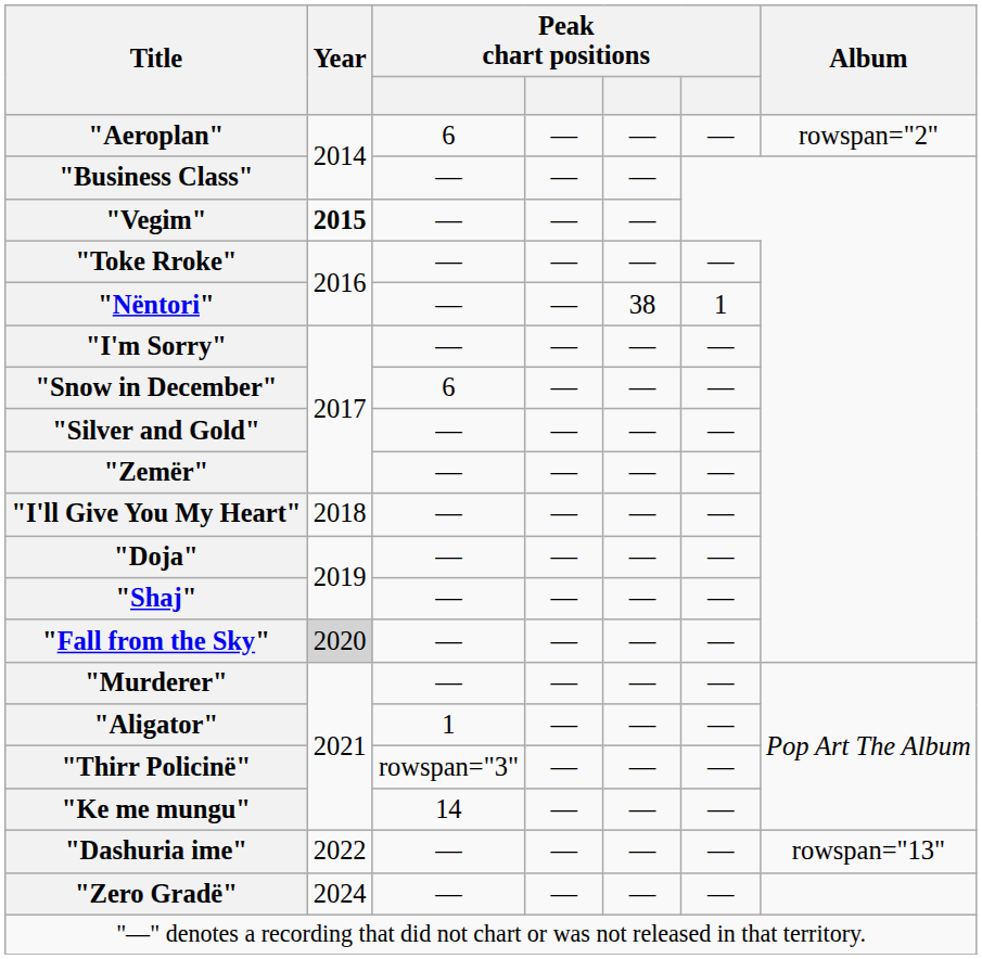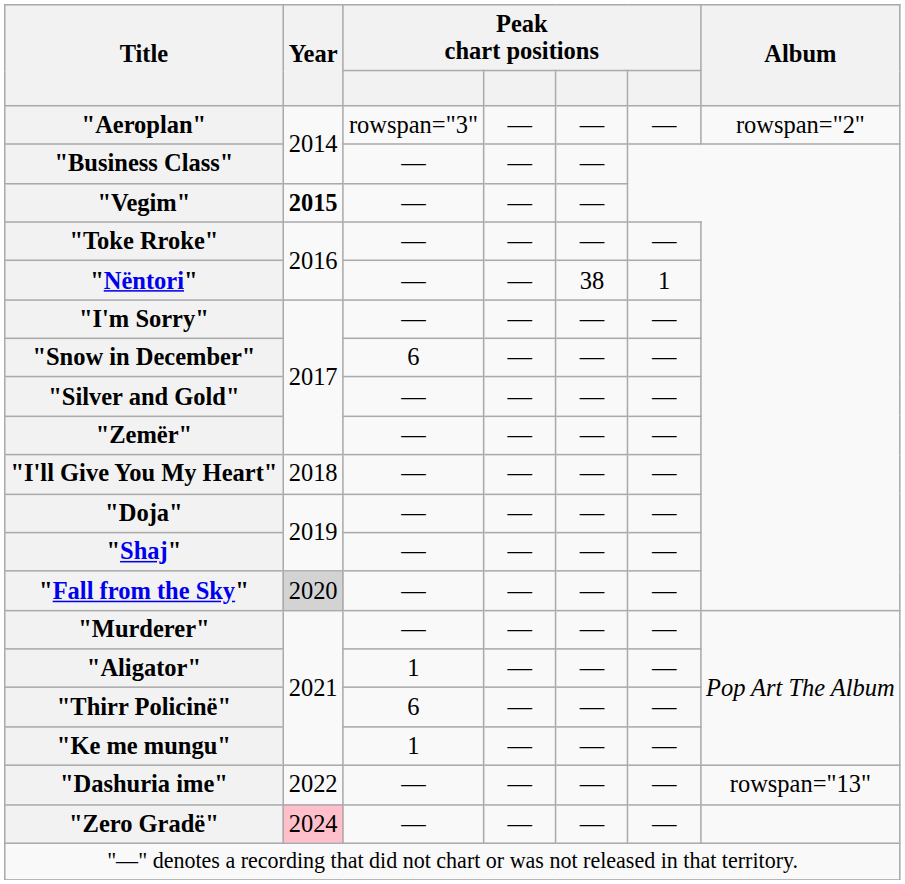 <table class="wikitable plainrowheaders" style="text-align:center;">
 <tr>
 <th scope="col" rowspan="2">Title</th>
 <th scope="col" rowspan="2">Year</th>
 <th scope="col" colspan="4">Peak<br>chart positions</th>
 <th scope="col" rowspan="2">Album</th>
 </tr>
 <tr>
 <th style="width:3em; font-size:85%;"><a href='#'></a><br></th>
 <th style="width:3em; font-size:85%;"><a href='#'></a><br></th>
 <th style="width:3em; font-size:85%;"><a href='#'></a><br></th>
 <th style="width:3em; font-size:85%;"><a href='#'></a><br></th>
 </tr>
 <tr>
 <th scope="row">"Aeroplan"</th>
 <td rowspan="2">2014</td>
-<td>6</td>
+<td>rowspan="3" </td>
 <td>—</td>
 <td>—</td>
 <td>—</td>
 <td>rowspan="2" </td>
 </tr>
 <tr>
 <th scope="row">"Business Class"</th>
 <td>—</td>
 <td>—</td>
 <td>—</td>
 </tr>
 <tr>
 <th scope="row">"Vegim"</th>
 <td rowspan="1"><strong>2015</strong></td>
 <td>—</td>
 <td>—</td>
 <td>—</td>
 </tr>
 <tr>
 <th scope="row">"Toke Rroke"</th>
 <td rowspan="2">2016</td>
 <td>—</td>
 <td>—</td>
 <td>—</td>
 <td>—</td>
 </tr>
 <tr>
 <th scope="row">"<a href='#'>Nëntori</a>"</th>
 <td>—</td>
 <td>—</td>
 <td>38</td>
 <td>1</td>
 </tr>
 <tr>
 <th scope="row">"I'm Sorry"</th>
 <td rowspan="4">2017</td>
 <td>—</td>
 <td>—</td>
 <td>—</td>
 <td>—</td>
 </tr>
 <tr>
 <th scope="row">"Snow in December"</th>
 <td>6</td>
 <td>—</td>
 <td>—</td>
 <td>—</td>
 </tr>
 <tr>
 <th scope="row">"Silver and Gold"</th>
 <td>—</td>
 <td>—</td>
 <td>—</td>
 <td>—</td>
 </tr>
 <tr>
 <th scope="row">"Zemër"</th>
 <td>—</td>
 <td>—</td>
 <td>—</td>
 <td>—</td>
 </tr>
 <tr>
 <th scope="row">"I'll Give You My Heart"</th>
 <td>2018</td>
 <td>—</td>
 <td>—</td>
 <td>—</td>
 <td>—</td>
 </tr>
 <tr>
 <th scope="row">"Doja"<br></th>
 <td rowspan="2">2019</td>
 <td>—</td>
 <td>—</td>
 <td>—</td>
 <td>—</td>
 </tr>
 <tr>
 <th scope="row">"<a href='#'>Shaj</a>"</th>
 <td>—</td>
 <td>—</td>
 <td>—</td>
 <td>—</td>
 </tr>
 <tr>
 <th scope="row">"<a href='#'>Fall from the Sky</a>"</th>
 <td style="background: lightgrey;">2020</td>
 <td>—</td>
 <td>—</td>
 <td>—</td>
 <td>—</td>
 </tr>
 <tr>
 <th scope="row">"Murderer"<br></th>
 <td rowspan="4">2021</td>
 <td>—</td>
 <td>—</td>
 <td>—</td>
 <td>—</td>
 <td rowspan="4"><em>Pop Art The Album</em></td>
 </tr>
 <tr>
 <th scope="row">"Aligator"</th>
 <td>1</td>
 <td>—</td>
 <td>—</td>
 <td>—</td>
 </tr>
 <tr>
 <th scope="row">"Thirr Policinë"<br></th>
-<td>rowspan="3" </td>
+<td>6</td>
 <td>—</td>
 <td>—</td>
 <td>—</td>
 </tr>
 <tr>
 <th scope="row">"Ke me mungu"</th>
-<td>14</td>
+<td>1</td>
 <td>—</td>
 <td>—</td>
 <td>—</td>
 </tr>
 <tr>
 <th scope="row">"Dashuria ime"</th>
 <td>2022</td>
 <td>—</td>
 <td>—</td>
 <td>—</td>
 <td>—</td>
 <td>rowspan="13" </td>
 </tr>
 <tr>
 <th scope="row">"Zero Gradë"</th>
-<td>2024</td>
+<td style="background: pink;">2024</td>
 <td>—</td>
 <td>—</td>
 <td>—</td>
 <td>—</td>
 </tr>
 <tr>
 <td colspan="11" style="font-size:90%">"—" denotes a recording that did not chart or was not released in that territory.</td>
 </tr>
 </table>
